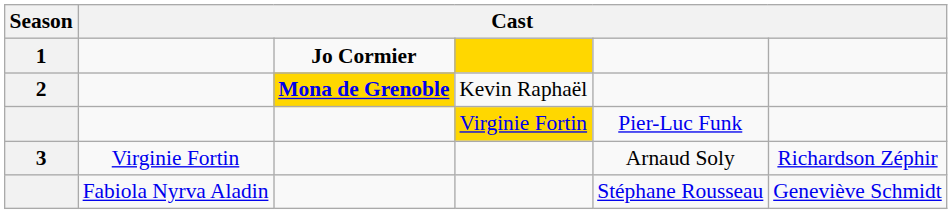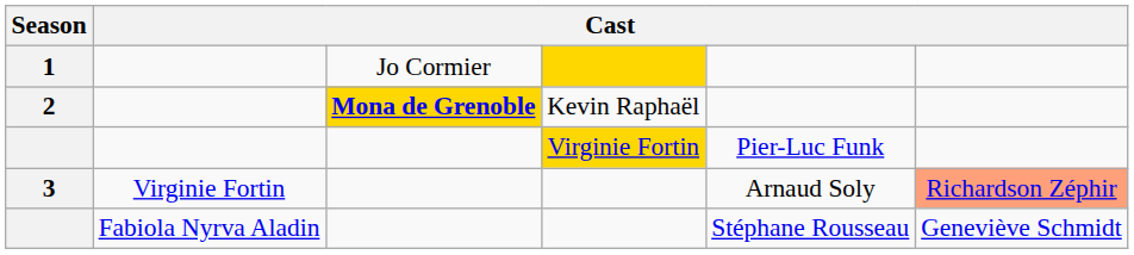 <table class="wikitable" style="text-align:center;">
 <tr>
 <th>Season</th>
 <th colspan=5>Cast</th>
 </tr>
 <tr>
 <th>1</th>
 <td></td>
-<td><strong>Jo Cormier</strong></td>
+<td>Jo Cormier</td>
 <td style="background:Gold;"> </td>
 <td></td>
 <td></td>
 </tr>
 <tr>
 <th>2</th>
 <td></td>
 <td style="background:Gold;"><strong><a href='#'>Mona de Grenoble</a> </strong></td>
 <td>Kevin Raphaël</td>
 <td></td>
 <td></td>
 </tr>
 <tr>
 <th></th>
 <td></td>
 <td></td>
 <td style="background:Gold;"><a href='#'>Virginie Fortin</a> </td>
 <td><a href='#'>Pier-Luc Funk</a></td>
 <td></td>
 </tr>
 <tr>
 <th>3</th>
 <td><a href='#'>Virginie Fortin</a></td>
 <td></td>
 <td></td>
 <td>Arnaud Soly</td>
-<td><a href='#'>Richardson Zéphir</a></td>
+<td style="background: lightsalmon;"><a href='#'>Richardson Zéphir</a></td>
 </tr>
 <tr>
 <th></th>
 <td><a href='#'>Fabiola Nyrva Aladin</a></td>
 <td></td>
 <td></td>
 <td><a href='#'>Stéphane Rousseau</a></td>
 <td><a href='#'>Geneviève Schmidt</a></td>
 </tr>
 </table>
